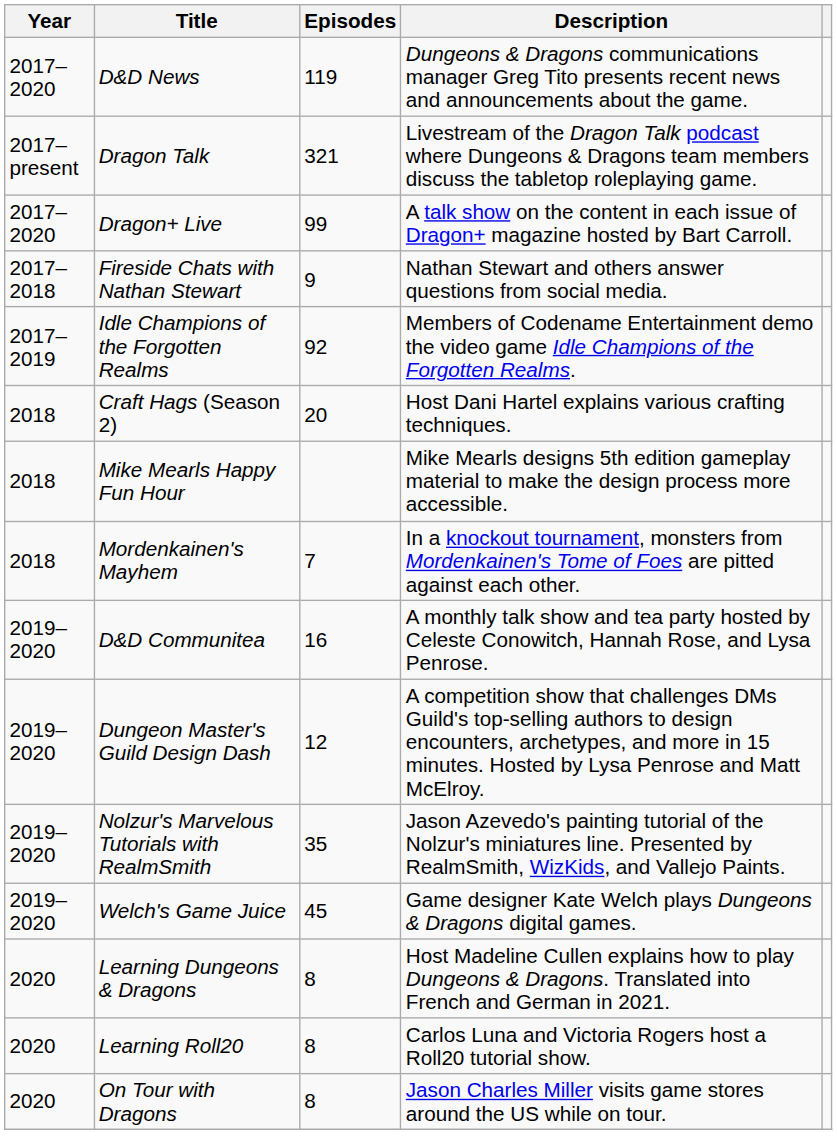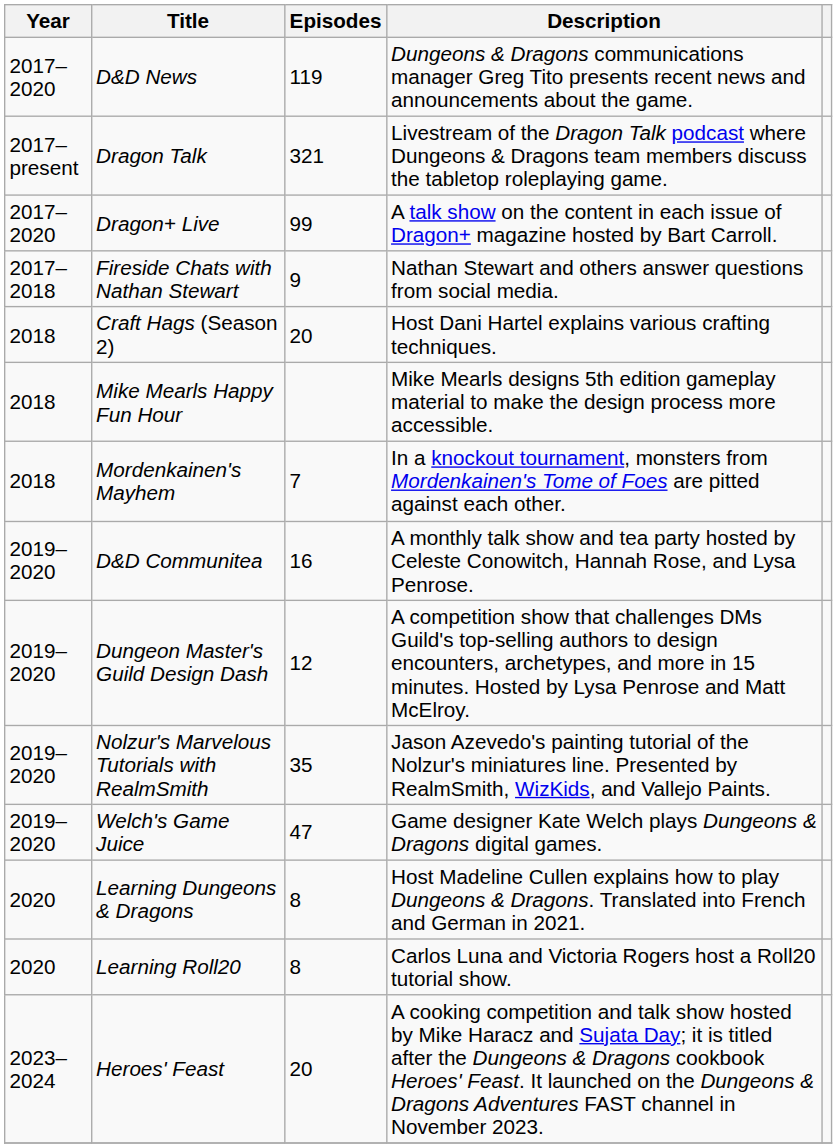 <table class="wikitable sortable" style="margins:auto; width=95%; font-size: 95%;">
 <tr>
 <th>Year</th>
 <th>Title</th>
 <th>Episodes</th>
 <th>Description</th>
 <th></th>
 </tr>
 <tr>
 <td>2017–2020</td>
 <td><em>D&D News</em></td>
 <td>119</td>
 <td><em>Dungeons & Dragons</em> communications manager Greg Tito presents recent news and announcements about the game.</td>
 <td></td>
 </tr>
 <tr>
 <td>2017–present</td>
 <td><em>Dragon Talk</em></td>
 <td>321</td>
 <td>Livestream of the <em>Dragon Talk</em> <a href='#'>podcast</a> where Dungeons & Dragons team members discuss the tabletop roleplaying game.</td>
 <td></td>
 </tr>
 <tr>
 <td>2017–2020</td>
 <td><em>Dragon+ Live</em></td>
 <td>99</td>
 <td>A <a href='#'>talk show</a> on the content in each issue of <a href='#'>Dragon+</a> magazine hosted by Bart Carroll.</td>
 <td></td>
 </tr>
 <tr>
 <td>2017–2018</td>
 <td><em>Fireside Chats with Nathan Stewart</em></td>
 <td>9</td>
 <td>Nathan Stewart and others answer questions from social media.</td>
-<td></td>
-</tr>
-<tr>
-<td>2017–2019</td>
-<td><em>Idle Champions of the Forgotten Realms</em></td>
-<td>92</td>
-<td>Members of Codename Entertainment demo the video game <em><a href='#'>Idle Champions of the Forgotten Realms</a></em>.</td>
 <td></td>
 </tr>
 <tr>
 <td>2018</td>
 <td><em>Craft Hags</em> (Season 2)</td>
 <td>20</td>
 <td>Host Dani Hartel explains various crafting techniques.</td>
 <td></td>
 </tr>
 <tr>
 <td>2018</td>
 <td><em>Mike Mearls Happy Fun Hour</em></td>
 <td></td>
 <td>Mike Mearls designs 5th edition gameplay material to make the design process more accessible.</td>
 <td></td>
 </tr>
 <tr>
 <td>2018</td>
 <td><em>Mordenkainen's Mayhem</em></td>
 <td>7</td>
 <td>In a <a href='#'>knockout tournament</a>, monsters from <em><a href='#'>Mordenkainen's Tome of Foes</a></em> are pitted against each other.</td>
 <td></td>
 </tr>
 <tr>
 <td>2019–2020</td>
 <td><em>D&D Communitea</em></td>
 <td>16</td>
 <td>A monthly talk show and tea party hosted by Celeste Conowitch, Hannah Rose, and Lysa Penrose.</td>
 <td></td>
 </tr>
 <tr>
 <td>2019–2020</td>
 <td><em>Dungeon Master's Guild Design Dash</em></td>
 <td>12</td>
 <td>A competition show that challenges DMs Guild's top-selling authors to design encounters, archetypes, and more in 15 minutes. Hosted by Lysa Penrose and Matt McElroy.</td>
 <td></td>
 </tr>
 <tr>
 <td>2019–2020</td>
 <td><em>Nolzur's Marvelous Tutorials with RealmSmith</em></td>
 <td>35</td>
 <td>Jason Azevedo's painting tutorial of the Nolzur's miniatures line. Presented by RealmSmith, <a href='#'>WizKids</a>, and Vallejo Paints.</td>
 <td></td>
 </tr>
 <tr>
 <td>2019–2020</td>
 <td><em>Welch's Game Juice</em></td>
-<td>45</td>
+<td>47</td>
 <td>Game designer Kate Welch plays <em>Dungeons & Dragons</em> digital games.</td>
 <td></td>
 </tr>
 <tr>
 <td>2020</td>
 <td><em>Learning Dungeons & Dragons</em></td>
 <td>8</td>
 <td>Host Madeline Cullen explains how to play <em>Dungeons & Dragons</em>. Translated into French and German in 2021.</td>
 <td></td>
 </tr>
 <tr>
 <td>2020</td>
 <td><em>Learning Roll20</em></td>
 <td>8</td>
 <td>Carlos Luna and Victoria Rogers host a Roll20 tutorial show.</td>
 <td></td>
 </tr>
 <tr>
-<td>2020</td>
-<td><em>On Tour with Dragons</em></td>
-<td>8</td>
-<td><a href='#'>Jason Charles Miller</a> visits game stores around the US while on tour.</td>
+<td>2023–2024</td>
+<td><em>Heroes' Feast</em></td>
+<td>20</td>
+<td>A cooking competition and talk show hosted by Mike Haracz and <a href='#'>Sujata Day</a>; it is titled after the <em>Dungeons & Dragons</em> cookbook <em>Heroes' Feast</em>. It launched on the <em>Dungeons & Dragons Adventures</em> FAST channel in November 2023.</td>
 <td></td>
 </tr>
 <tr>
 </tr>
 </table>
